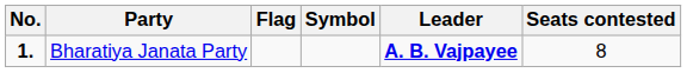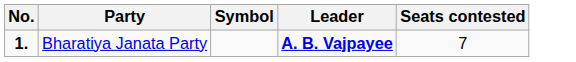 <table class="wikitable">
 <tr>
 <th>No.</th>
 <th>Party</th>
-<th>Flag</th>
 <th>Symbol</th>
 <th>Leader</th>
 <th>Seats contested</th>
 </tr>
 <tr>
 <td ! style="text-align:center; background:"><strong>1.</strong></td>
 <td style="text-align:center"><a href='#'>Bharatiya Janata Party</a></td>
 <td></td>
-<td></td>
 <td style="text-align:center"><strong><a href='#'>A. B. Vajpayee</a></strong></td>
-<td style="text-align:center">8</td>
+<td style="text-align:center">7</td>
 </tr>
 </table>
